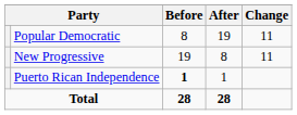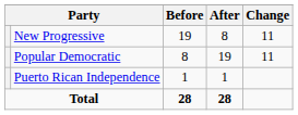 <table class="wikitable" style="text-align:center;">
 <tr>
 </tr>
 <tr>
 <th colspan=2>Party</th>
 <th>Before</th>
 <th>After</th>
 <th>Change</th>
 </tr>
 <tr>
 <th style="background-color:"></th>
+<td style="text-align:left;"><a href='#'>New Progressive</a></td>
+<td>19</td>
+<td>8</td>
+<td> 11</td>
+</tr>
+<tr>
+<th style="background-color:"></th>
 <td style="text-align:left;"><a href='#'>Popular Democratic</a></td>
 <td>8</td>
 <td>19</td>
 <td> 11</td>
 </tr>
 <tr>
 <th style="background-color:"></th>
-<td style="text-align:left;"><a href='#'>New Progressive</a></td>
-<td>19</td>
-<td>8</td>
-<td> 11</td>
-</tr>
-<tr>
-<th style="background-color:"></th>
 <td style="text-align:left;"><a href='#'>Puerto Rican Independence</a></td>
-<td><strong>1</strong></td>
+<td>1</td>
 <td>1</td>
 <td></td>
 </tr>
 <tr>
 <td colspan=2><strong>Total</strong></td>
 <td><strong>28</strong></td>
 <td><strong>28</strong></td>
 <td></td>
 </tr>
 </table>
